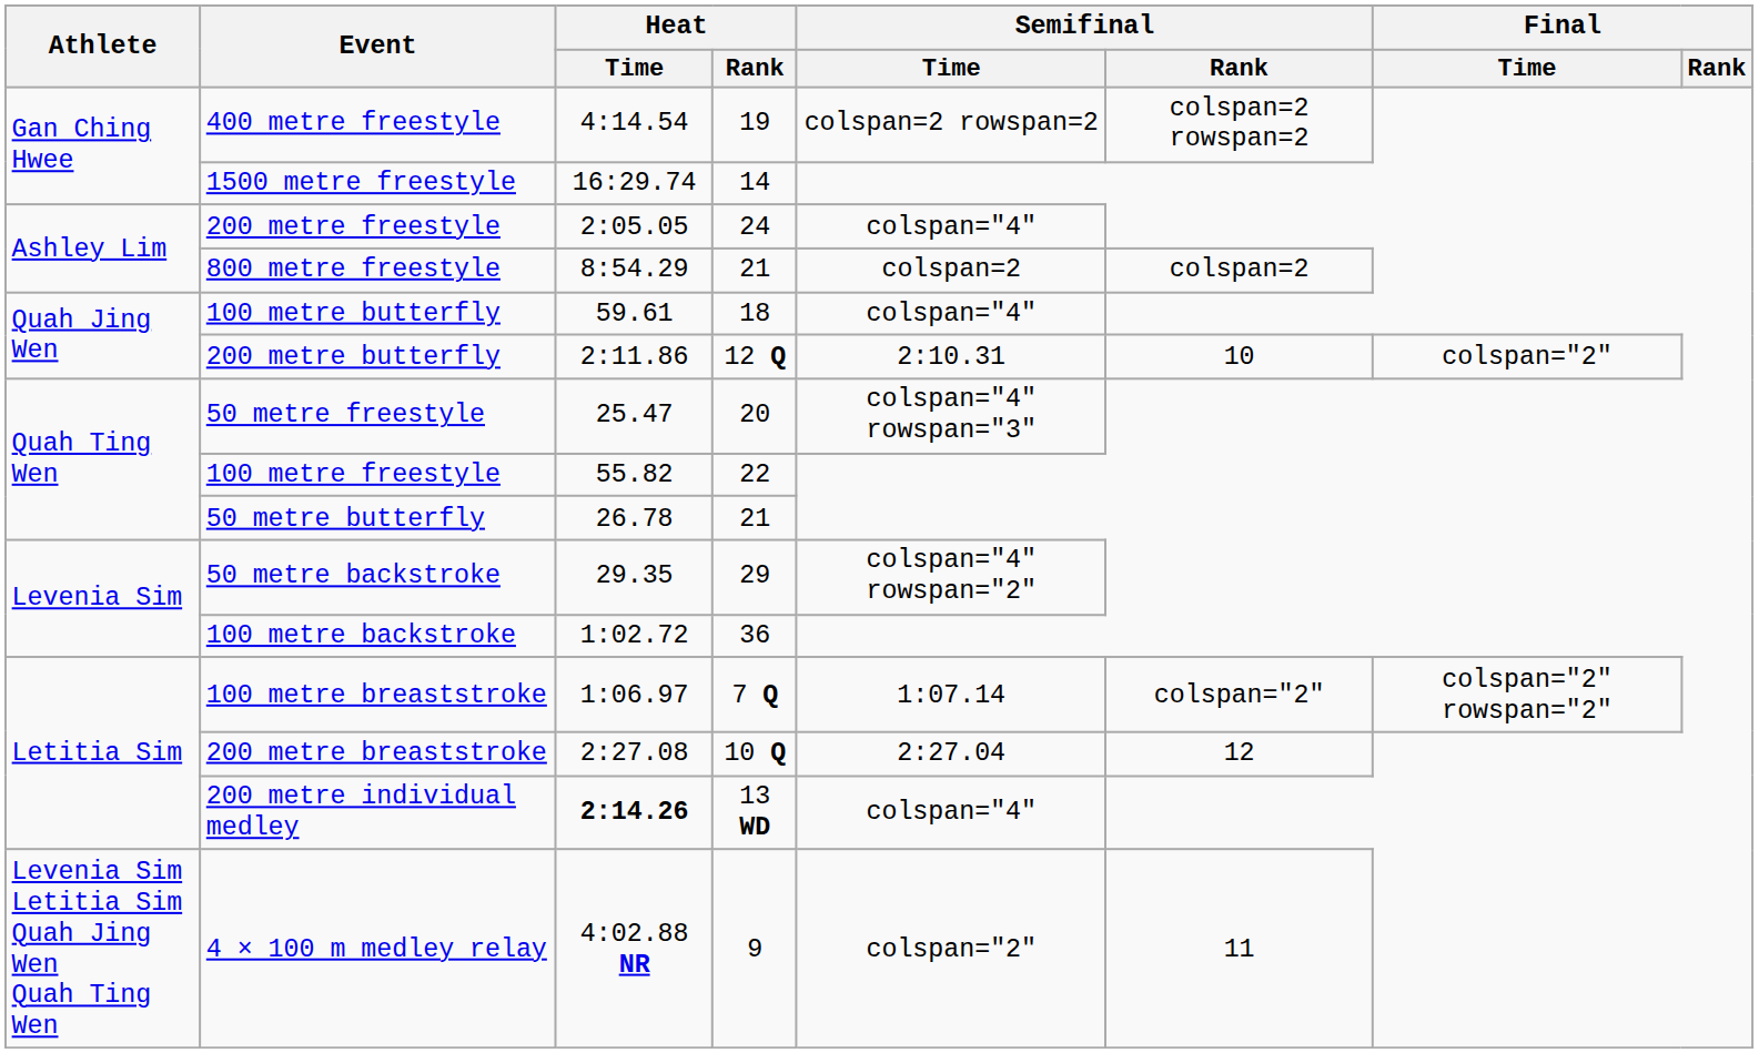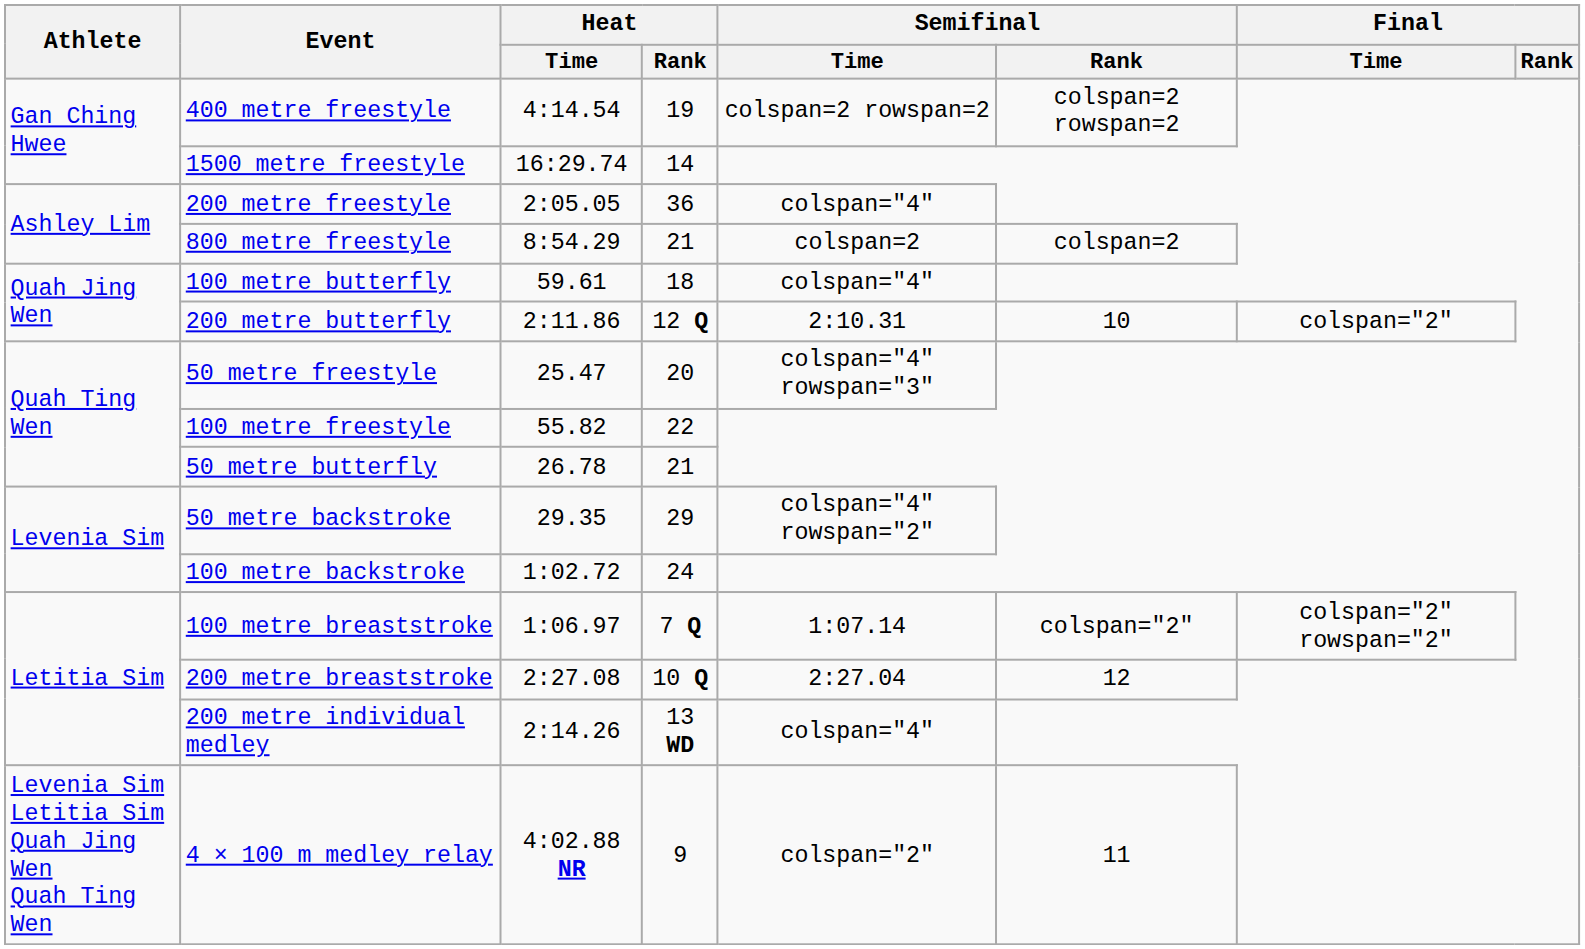 <table class="wikitable" style="text-align:center; font-size:90%; width:50%;">
 <tr>
 <th rowspan="2">Athlete</th>
 <th rowspan="2">Event</th>
 <th colspan="2">Heat</th>
 <th colspan="2">Semifinal</th>
 <th colspan="2">Final</th>
 </tr>
 <tr style="font-size:95%">
 <th>Time</th>
 <th>Rank</th>
 <th>Time</th>
 <th>Rank</th>
 <th>Time</th>
 <th>Rank</th>
 </tr>
 <tr align=center>
 <td align=left rowspan="2"><a href='#'>Gan Ching Hwee</a></td>
 <td align=left><a href='#'>400 metre freestyle</a></td>
 <td>4:14.54</td>
 <td>19</td>
 <td>colspan=2 rowspan=2  </td>
 <td>colspan=2 rowspan=2 </td>
 </tr>
 <tr align=center>
 <td align=left><a href='#'>1500 metre freestyle</a></td>
 <td>16:29.74</td>
 <td>14</td>
 </tr>
 <tr align=center>
 <td align=left rowspan="2"><a href='#'>Ashley Lim</a></td>
 <td align=left><a href='#'>200 metre freestyle</a></td>
 <td>2:05.05</td>
-<td>24</td>
+<td>36</td>
 <td>colspan="4" </td>
 </tr>
 <tr align=center>
 <td align=left><a href='#'>800 metre freestyle</a></td>
 <td>8:54.29</td>
 <td>21</td>
 <td>colspan=2  </td>
 <td>colspan=2  </td>
 </tr>
 <tr align=center>
 <td align=left rowspan="2"><a href='#'>Quah Jing Wen</a></td>
 <td align=left><a href='#'>100 metre butterfly</a></td>
 <td>59.61</td>
 <td>18</td>
 <td>colspan="4" </td>
 </tr>
 <tr align=center>
 <td align=left><a href='#'>200 metre butterfly</a></td>
 <td>2:11.86</td>
 <td>12 <strong>Q</strong></td>
 <td>2:10.31</td>
 <td>10</td>
 <td>colspan="2" </td>
 </tr>
 <tr align=center>
 <td align=left rowspan="3"><a href='#'>Quah Ting Wen</a></td>
 <td align=left><a href='#'>50 metre freestyle</a></td>
 <td>25.47</td>
 <td>20</td>
 <td>colspan="4" rowspan="3" </td>
 </tr>
 <tr align=center>
 <td align=left><a href='#'>100 metre freestyle</a></td>
 <td>55.82</td>
 <td>22</td>
 </tr>
 <tr align=center>
 <td align=left><a href='#'>50 metre butterfly</a></td>
 <td>26.78</td>
 <td>21</td>
 </tr>
 <tr align=center>
 <td align=left rowspan="2"><a href='#'>Levenia Sim</a></td>
 <td align=left><a href='#'>50 metre backstroke</a></td>
 <td>29.35</td>
 <td>29</td>
 <td>colspan="4" rowspan="2" </td>
 </tr>
 <tr align=center>
 <td align=left><a href='#'>100 metre backstroke</a></td>
 <td>1:02.72</td>
-<td>36</td>
+<td>24</td>
 </tr>
 <tr align=center>
 <td align=left rowspan="3"><a href='#'>Letitia Sim</a></td>
 <td align=left><a href='#'>100 metre breaststroke</a></td>
 <td>1:06.97</td>
 <td>7 <strong>Q</strong></td>
 <td>1:07.14</td>
 <td>colspan="2" </td>
 <td>colspan="2" rowspan="2" </td>
 </tr>
 <tr align=center>
 <td align=left><a href='#'>200 metre breaststroke</a></td>
 <td>2:27.08</td>
 <td>10 <strong>Q</strong></td>
 <td>2:27.04</td>
 <td>12</td>
 </tr>
 <tr align=center>
 <td align=left><a href='#'>200 metre individual medley</a></td>
-<td><strong>2:14.26</strong></td>
+<td>2:14.26</td>
 <td>13 <strong>WD</strong></td>
 <td>colspan="4" </td>
 </tr>
 <tr>
 <td align=left><a href='#'>Levenia Sim</a> <br><a href='#'>Letitia Sim</a> <br><a href='#'>Quah Jing Wen</a> <br><a href='#'>Quah Ting Wen</a></td>
 <td align=left><a href='#'>4 × 100 m  medley relay</a></td>
 <td>4:02.88 <strong><a href='#'>NR</a></strong></td>
 <td>9</td>
 <td>colspan="2"   </td>
 <td>11</td>
 </tr>
 </table>
